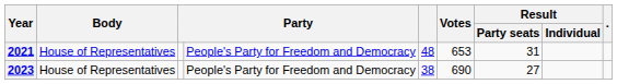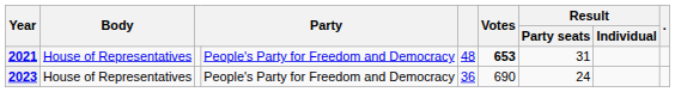 <table class="wikitable plainrowheaders sortable" border=2 cellpadding=4 cellspacing=0 style="border: 1px #aaa solid; font-size: 90%; text-align:center;">
 <tr>
 <th scope="col" rowspan=2>Year</th>
 <th scope="col" rowspan=2>Body</th>
 <th scope="col" colspan=2 rowspan=2>Party</th>
 <th scope="col" rowspan=2></th>
 <th scope="col" rowspan=2>Votes</th>
 <th scope="colgroup" colspan=2>Result</th>
 <th scope="col" rowspan=2 class="unsortable">.</th>
 </tr>
 <tr>
 <th scope="col">Party seats</th>
 <th scope="col">Individual</th>
 </tr>
 <tr>
 <th scope="row"><a href='#'>2021</a></th>
 <td><a href='#'>House of Representatives</a></td>
 <td style="background-color:"></td>
 <td><a href='#'>People's Party for Freedom and Democracy</a></td>
 <td style=text-align:right><a href='#'>48</a></td>
-<td style=text-align:right>653</td>
+<td style=text-align:right><strong>653</strong></td>
 <td style=text-align:right>31</td>
 <td></td>
 <td></td>
 </tr>
 <tr>
 <th scope="row"><a href='#'>2023</a></th>
 <td>House of Representatives</td>
 <td style="background-color:"></td>
 <td>People's Party for Freedom and Democracy</td>
-<td style=text-align:right><a href='#'>38</a></td>
+<td style=text-align:right><a href='#'>36</a></td>
 <td style=text-align:right>690</td>
-<td style=text-align:right>27</td>
+<td style=text-align:right>24</td>
 <td></td>
 <td></td>
 </tr>
 </table>
